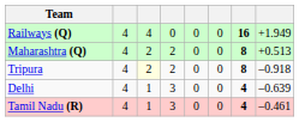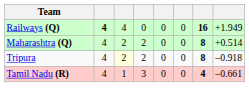 <table class="wikitable" style="text-align:center">
 <tr>
 <th style="width:140px;">Team</th>
 <th style="width:25px;"></th>
 <th style="width:25px;"></th>
 <th style="width:25px;"></th>
 <th style="width:25px;"></th>
 <th style="width:25px;"></th>
 <th style="width:25px;"></th>
 <th style="width:40px;"></th>
 </tr>
 <tr style="background:#cfc;">
 <td style="text-align:left"><a href='#'>Railways</a> <strong>(Q)</strong></td>
-<td>4</td>
+<td><strong>4</strong></td>
 <td>4</td>
 <td>0</td>
 <td>0</td>
 <td>0</td>
 <td><strong>16</strong></td>
 <td>+1.949</td>
 </tr>
 <tr style="background:#cfc;">
 <td style="text-align:left"><a href='#'>Maharashtra</a> <strong>(Q)</strong></td>
 <td>4</td>
 <td>2</td>
 <td>2</td>
 <td>0</td>
 <td>0</td>
 <td><strong>8</strong></td>
-<td>+0.513</td>
+<td>+0.514</td>
 </tr>
 <tr>
 <td style="text-align:left"><a href='#'>Tripura</a></td>
 <td>4</td>
 <td style="background: lightyellow;">2</td>
 <td>2</td>
 <td>0</td>
 <td>0</td>
 <td><strong>8</strong></td>
 <td>–0.918</td>
 </tr>
-<tr>
-<td style="text-align:left"><a href='#'>Delhi</a></td>
-<td>4</td>
-<td>1</td>
-<td>3</td>
-<td>0</td>
-<td>0</td>
-<td><strong>4</strong></td>
-<td>–0.639</td>
-</tr>
 <tr style="background:#FFCCCC">
 <td style="text-align:left"><a href='#'>Tamil Nadu</a> <strong>(R)</strong></td>
 <td>4</td>
 <td>1</td>
 <td>3</td>
 <td>0</td>
 <td>0</td>
 <td><strong>4</strong></td>
-<td>–0.461</td>
+<td>–0.661</td>
 </tr>
 </table>
